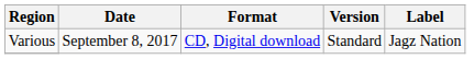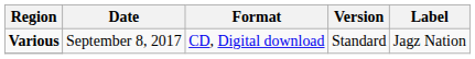 <table class="wikitable sortable">
 <tr>
 <th>Region</th>
 <th>Date</th>
 <th>Format</th>
 <th>Version</th>
 <th>Label</th>
 </tr>
 <tr>
-<td>Various</td>
+<td><strong>Various</strong></td>
 <td rowspan="2">September 8, 2017</td>
 <td rowspan="2"><a href='#'>CD</a>, <a href='#'>Digital download</a></td>
 <td rowspan="2">Standard</td>
 <td rowspan ="2">Jagz Nation</td>
 </tr>
 <tr>
 </tr>
 </table>
